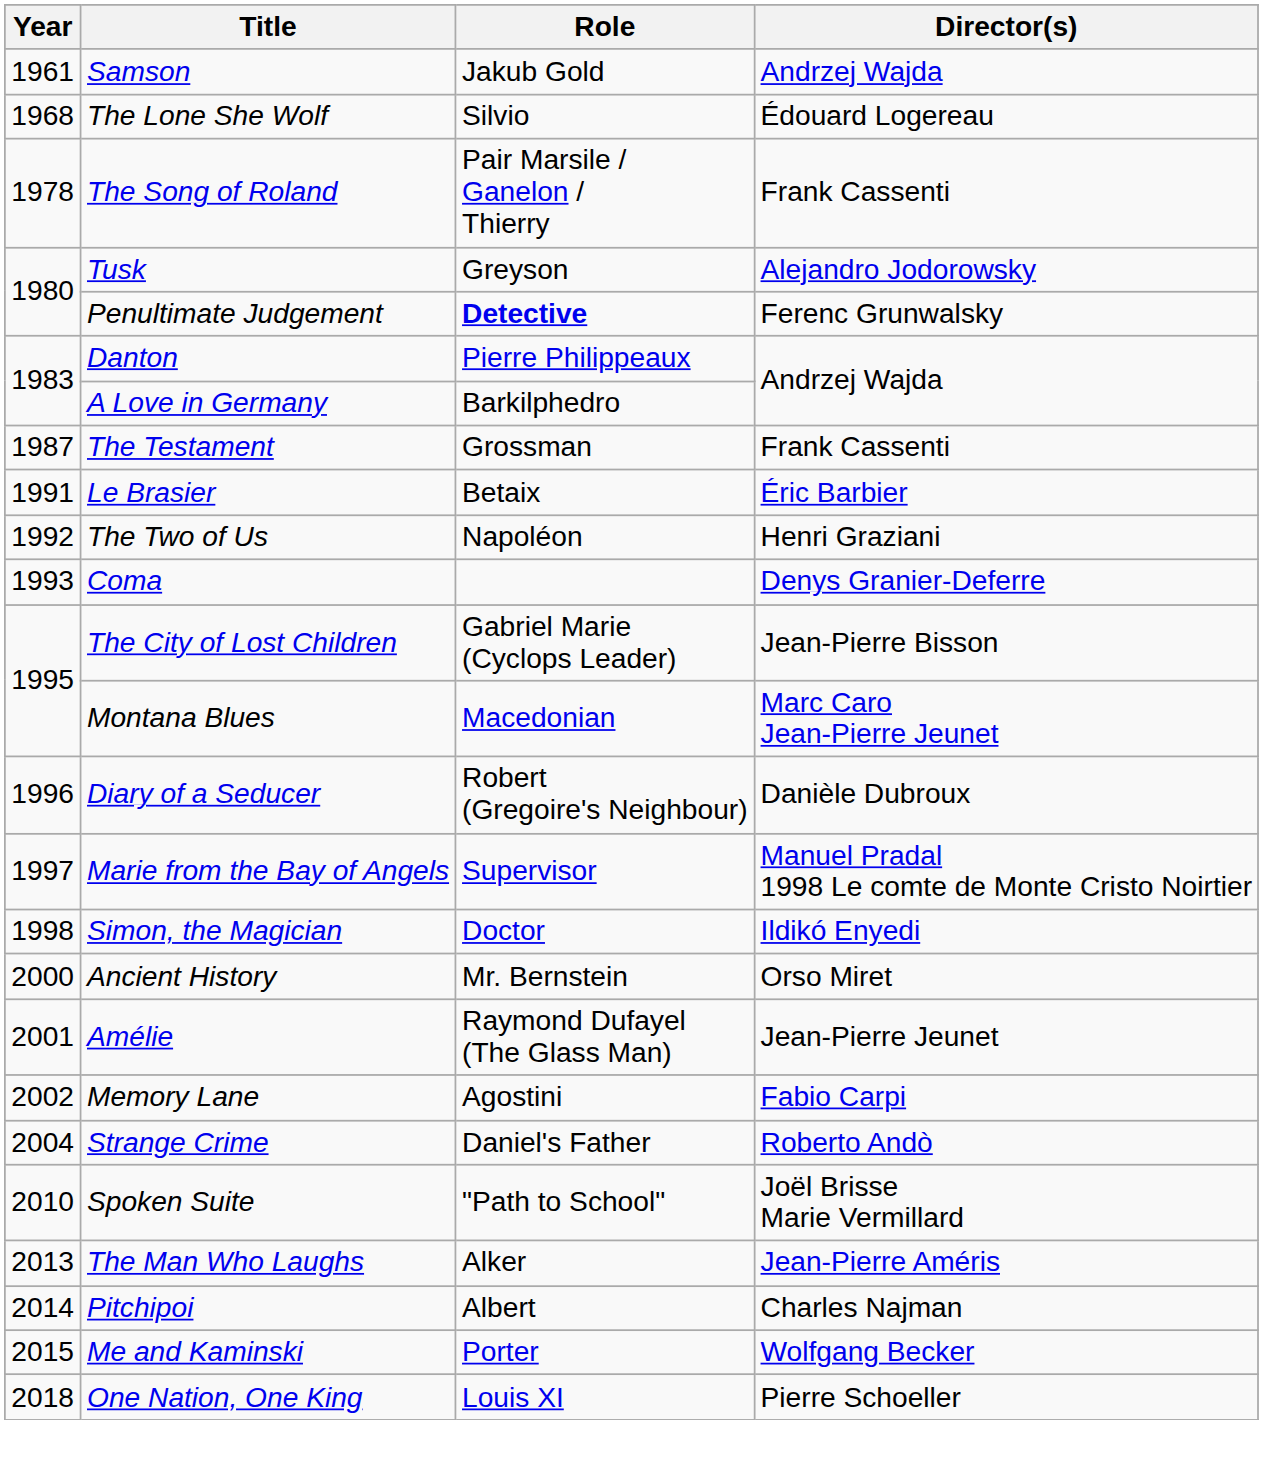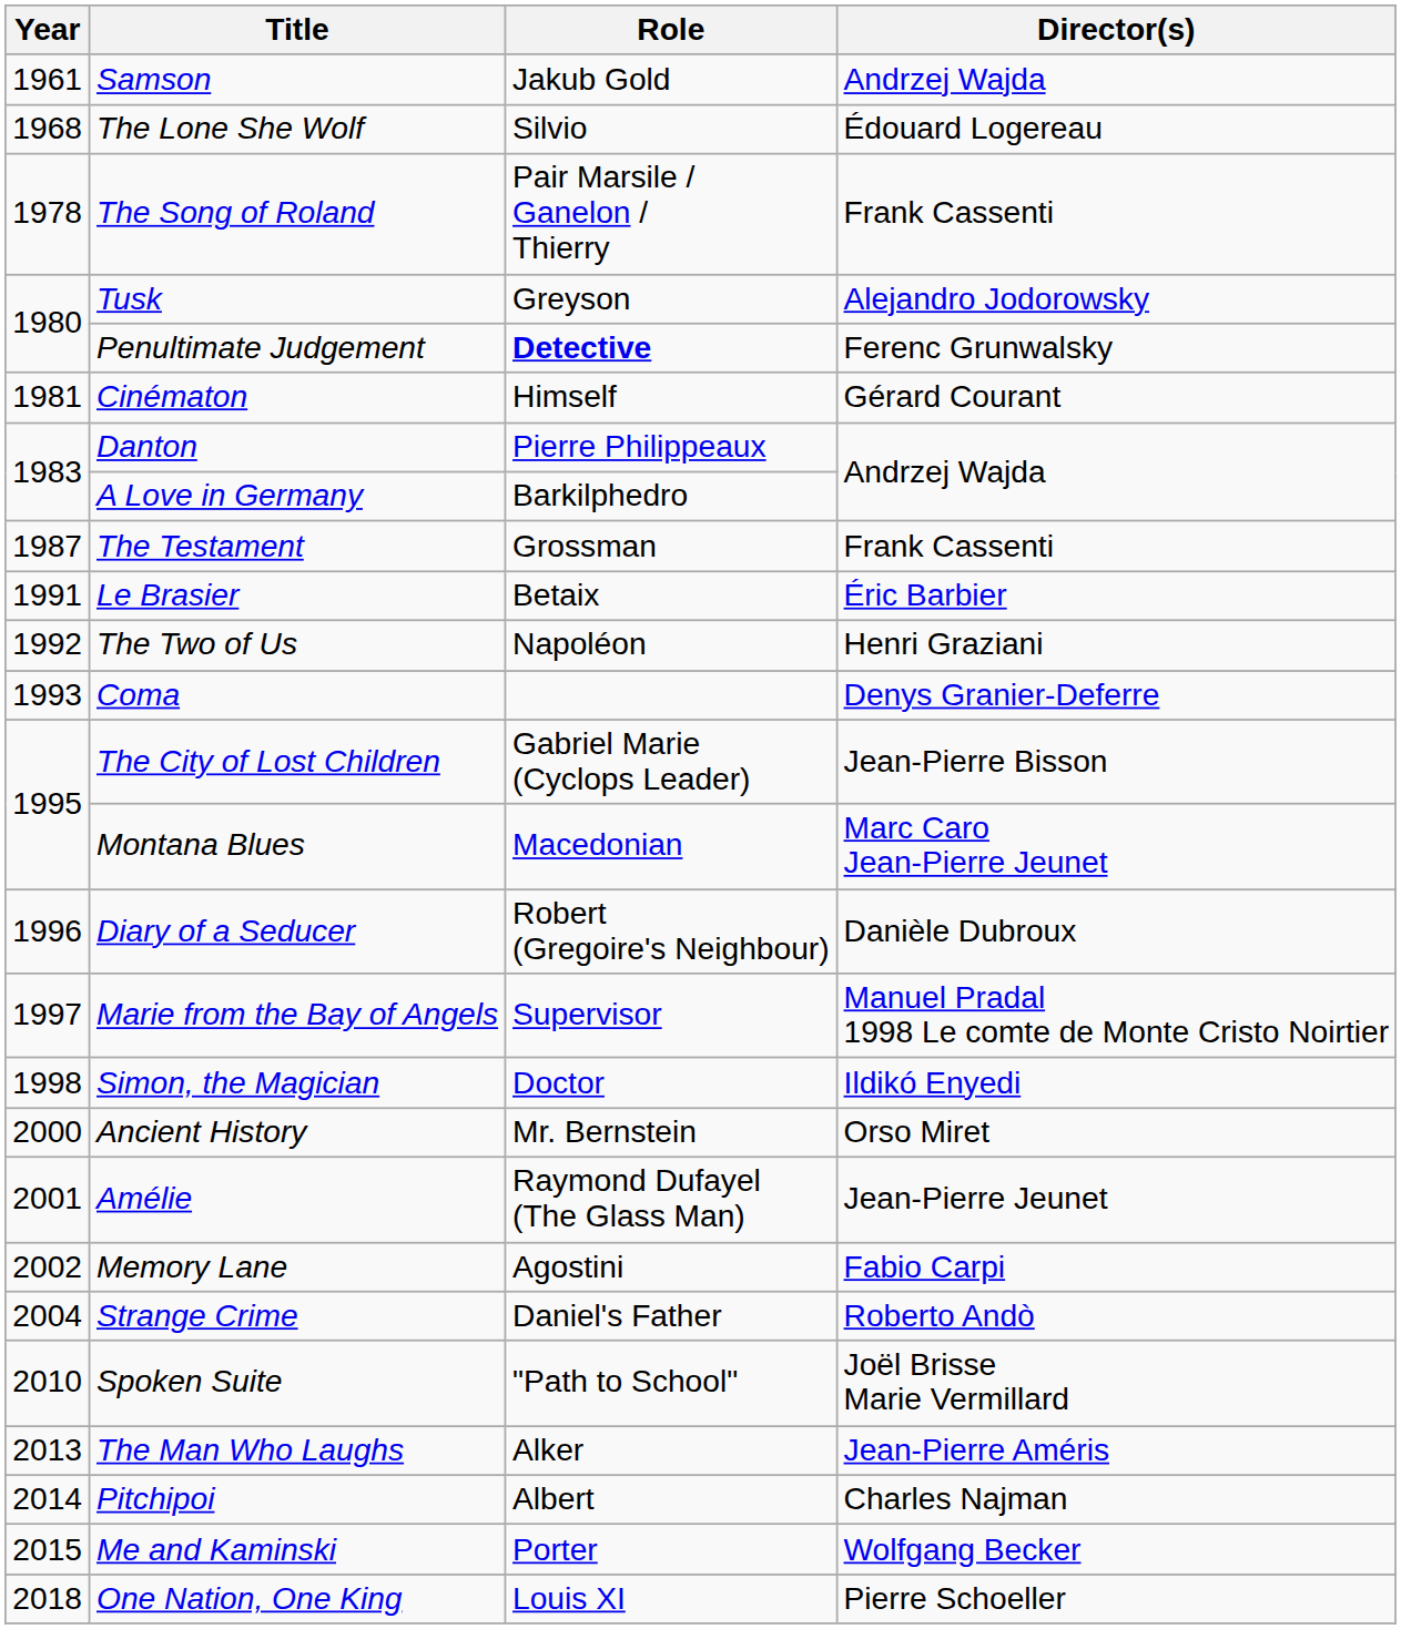 <table class="wikitable sortable">
 <tr>
 <th>Year</th>
 <th>Title</th>
 <th>Role</th>
 <th>Director(s)</th>
 </tr>
 <tr>
 <td>1961</td>
 <td><em><a href='#'>Samson</a></em></td>
 <td>Jakub Gold</td>
 <td><a href='#'>Andrzej Wajda</a></td>
 </tr>
 <tr>
 <td>1968</td>
 <td><em>The Lone She Wolf</em></td>
 <td>Silvio</td>
 <td>Édouard Logereau</td>
 </tr>
 <tr>
 <td>1978</td>
 <td><em><a href='#'>The Song of Roland</a></em></td>
 <td>Pair Marsile /<br><a href='#'>Ganelon</a> /<br>Thierry</td>
 <td>Frank Cassenti</td>
 </tr>
 <tr>
 <td rowspan=2>1980</td>
 <td><em><a href='#'>Tusk</a></em></td>
 <td>Greyson</td>
 <td><a href='#'>Alejandro Jodorowsky</a></td>
 </tr>
 <tr>
 <td><em>Penultimate Judgement</em></td>
 <td><strong><a href='#'>Detective</a></strong></td>
 <td>Ferenc Grunwalsky</td>
+</tr>
+<tr>
+<td>1981</td>
+<td><em><a href='#'>Cinématon</a></em></td>
+<td>Himself</td>
+<td>Gérard Courant</td>
 </tr>
 <tr>
 <td rowspan=2>1983</td>
 <td><em><a href='#'>Danton</a></em></td>
 <td><a href='#'>Pierre Philippeaux</a></td>
 <td rowspan=2>Andrzej Wajda</td>
 </tr>
 <tr>
 <td><em><a href='#'>A Love in Germany</a></em></td>
 <td>Barkilphedro</td>
 </tr>
 <tr>
 <td>1987</td>
 <td><em><a href='#'>The Testament</a></em></td>
 <td>Grossman</td>
 <td>Frank Cassenti</td>
 </tr>
 <tr>
 <td>1991</td>
 <td><em><a href='#'>Le Brasier</a></em></td>
 <td>Betaix</td>
 <td><a href='#'>Éric Barbier</a></td>
 </tr>
 <tr>
 <td>1992</td>
 <td><em>The Two of Us</em></td>
 <td>Napoléon</td>
 <td>Henri Graziani</td>
 </tr>
 <tr>
 <td>1993</td>
 <td><em><a href='#'>Coma</a></em></td>
 <td></td>
 <td><a href='#'>Denys Granier-Deferre</a></td>
 </tr>
 <tr>
 <td rowspan=2>1995</td>
 <td><em><a href='#'>The City of Lost Children</a></em></td>
 <td>Gabriel Marie<br>(Cyclops Leader)</td>
 <td>Jean-Pierre Bisson</td>
 </tr>
 <tr>
 <td><em>Montana Blues</em></td>
 <td><a href='#'>Macedonian</a></td>
 <td><a href='#'>Marc Caro</a><br><a href='#'>Jean-Pierre Jeunet</a></td>
 </tr>
 <tr>
 <td>1996</td>
 <td><em><a href='#'>Diary of a Seducer</a></em></td>
 <td>Robert<br>(Gregoire's Neighbour)</td>
 <td>Danièle Dubroux</td>
 </tr>
 <tr>
 <td>1997</td>
 <td><em><a href='#'>Marie from the Bay of Angels</a></em></td>
 <td><a href='#'>Supervisor</a></td>
 <td><a href='#'>Manuel Pradal</a><br>1998 Le comte de Monte Cristo Noirtier</td>
 </tr>
 <tr>
 <td>1998</td>
 <td><em><a href='#'>Simon, the Magician</a></em></td>
 <td><a href='#'>Doctor</a></td>
 <td><a href='#'>Ildikó Enyedi</a></td>
 </tr>
 <tr>
 <td>2000</td>
 <td><em>Ancient History</em></td>
 <td>Mr. Bernstein</td>
 <td>Orso Miret</td>
 </tr>
 <tr>
 <td>2001</td>
 <td><em><a href='#'>Amélie</a></em></td>
 <td>Raymond Dufayel<br>(The Glass Man)</td>
 <td>Jean-Pierre Jeunet</td>
 </tr>
 <tr>
 <td>2002</td>
 <td><em>Memory Lane</em></td>
 <td>Agostini</td>
 <td><a href='#'>Fabio Carpi</a></td>
 </tr>
 <tr>
 <td>2004</td>
 <td><em><a href='#'>Strange Crime</a></em></td>
 <td>Daniel's Father</td>
 <td><a href='#'>Roberto Andò</a></td>
 </tr>
 <tr>
 <td>2010</td>
 <td><em>Spoken Suite</em></td>
 <td>"Path to School"</td>
 <td>Joël Brisse<br>Marie Vermillard</td>
 </tr>
 <tr>
 <td>2013</td>
 <td><em><a href='#'>The Man Who Laughs</a></em></td>
 <td>Alker</td>
 <td><a href='#'>Jean-Pierre Améris</a></td>
 </tr>
 <tr>
 <td>2014</td>
 <td><em><a href='#'>Pitchipoi</a></em></td>
 <td>Albert</td>
 <td>Charles Najman</td>
 </tr>
 <tr>
 <td>2015</td>
 <td><em><a href='#'>Me and Kaminski</a></em></td>
 <td><a href='#'>Porter</a></td>
 <td><a href='#'>Wolfgang Becker</a></td>
 </tr>
 <tr>
 <td>2018</td>
 <td><em><a href='#'>One Nation, One King</a></em></td>
 <td><a href='#'>Louis XI</a></td>
 <td>Pierre Schoeller</td>
 </tr>
 </table>
